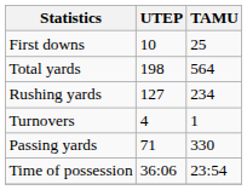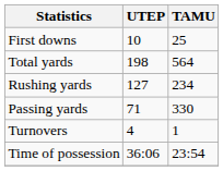 <table class="wikitable">
 <tr>
 <th>Statistics</th>
 <th>UTEP</th>
 <th>TAMU</th>
 </tr>
 <tr>
 <td>First downs</td>
 <td>10</td>
 <td>25</td>
 </tr>
 <tr>
 <td>Total yards</td>
 <td>198</td>
 <td>564</td>
 </tr>
 <tr>
 <td>Rushing yards</td>
 <td>127</td>
 <td>234</td>
 </tr>
 <tr>
+<td>Passing yards</td>
+<td>71</td>
+<td>330</td>
+</tr>
+<tr>
 <td>Turnovers</td>
 <td>4</td>
 <td>1</td>
-</tr>
-<tr>
-<td>Passing yards</td>
-<td>71</td>
-<td>330</td>
 </tr>
 <tr>
 <td>Time of possession</td>
 <td>36:06</td>
 <td>23:54</td>
 </tr>
 <tr>
 </tr>
 </table>
